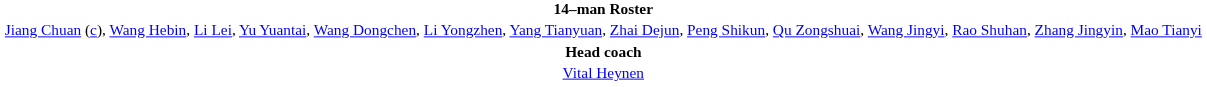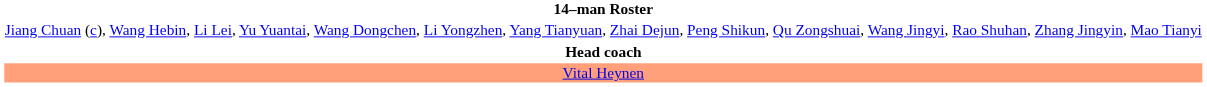 <table style="text-align:center; margin-top:2em; margin-left:auto; margin-right:auto">
 <tr>
 <td><strong>14–man Roster</strong></td>
 </tr>
 <tr>
 <td><a href='#'>Jiang Chuan</a> (<a href='#'>c</a>), <a href='#'>Wang Hebin</a>, <a href='#'>Li Lei</a>, <a href='#'>Yu Yuantai</a>, <a href='#'>Wang Dongchen</a>, <a href='#'>Li Yongzhen</a>, <a href='#'>Yang Tianyuan</a>, <a href='#'>Zhai Dejun</a>, <a href='#'>Peng Shikun</a>, <a href='#'>Qu Zongshuai</a>, <a href='#'>Wang Jingyi</a>, <a href='#'>Rao Shuhan</a>, <a href='#'>Zhang Jingyin</a>, <a href='#'>Mao Tianyi</a></td>
 </tr>
 <tr>
 <td><strong>Head coach</strong></td>
 </tr>
 <tr>
-<td> <a href='#'>Vital Heynen</a></td>
+<td style="background: lightsalmon;"> <a href='#'>Vital Heynen</a></td>
 </tr>
 </table>
